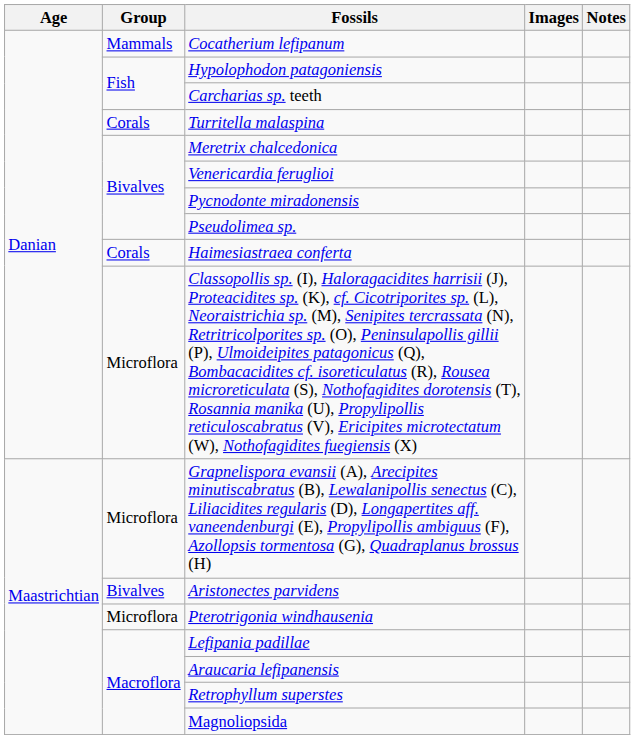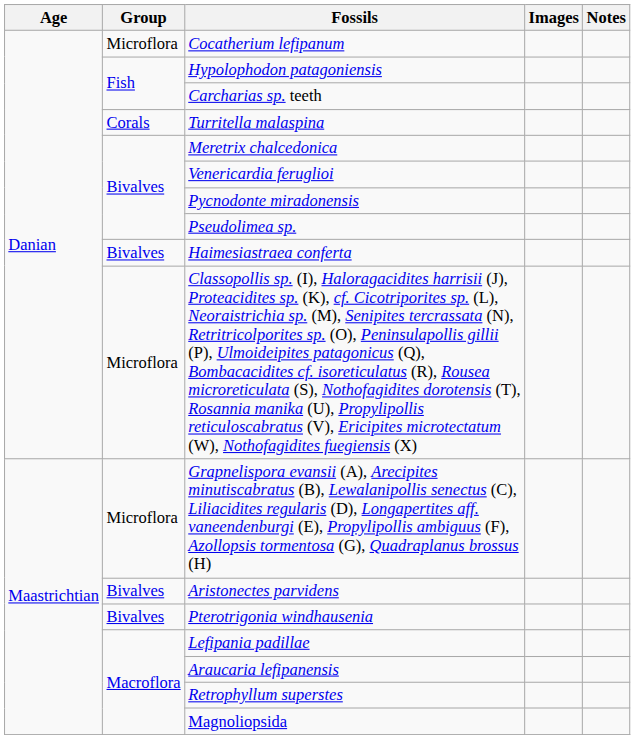 <table class="wikitable sortable">
 <tr>
 <th>Age</th>
 <th>Group</th>
 <th>Fossils</th>
 <th>Images</th>
 <th class=unsortable>Notes</th>
 </tr>
 <tr>
 <td rowspan=10 style="background-color: "><a href='#'>Danian</a></td>
-<td><a href='#'>Mammals</a></td>
+<td>Microflora</td>
 <td><em><a href='#'>Cocatherium lefipanum</a></em></td>
 <td></td>
 <td align=center></td>
 </tr>
 <tr>
 <td rowspan=2><a href='#'>Fish</a></td>
 <td><em><a href='#'>Hypolophodon patagoniensis</a></em></td>
 <td></td>
 <td align=center></td>
 </tr>
 <tr>
 <td><em><a href='#'>Carcharias sp.</a></em> teeth</td>
 <td></td>
 <td align=center></td>
 </tr>
 <tr>
 <td><a href='#'>Corals</a></td>
 <td><em><a href='#'>Turritella malaspina</a></em></td>
 <td></td>
 <td align=center></td>
 </tr>
 <tr>
 <td rowspan=4><a href='#'>Bivalves</a></td>
 <td><em><a href='#'>Meretrix chalcedonica</a></em></td>
 <td></td>
 <td align=center></td>
 </tr>
 <tr>
 <td><em><a href='#'>Venericardia feruglioi</a></em></td>
 <td></td>
 <td align=center></td>
 </tr>
 <tr>
 <td><em><a href='#'>Pycnodonte miradonensis</a></em></td>
 <td></td>
 <td align=center></td>
 </tr>
 <tr>
 <td><em><a href='#'>Pseudolimea sp.</a></em></td>
 <td></td>
 <td align=center></td>
 </tr>
 <tr>
-<td><a href='#'>Corals</a></td>
+<td><a href='#'>Bivalves</a></td>
 <td><em><a href='#'>Haimesiastraea conferta</a></em></td>
 <td></td>
 <td align=center></td>
 </tr>
 <tr>
 <td>Microflora</td>
 <td><em><a href='#'>Classopollis sp.</a></em> (I), <em><a href='#'>Haloragacidites harrisii</a></em> (J), <em><a href='#'>Proteacidites sp.</a></em> (K), <em><a href='#'>cf. Cicotriporites sp.</a></em> (L), <em><a href='#'>Neoraistrichia sp.</a></em> (M), <em><a href='#'>Senipites tercrassata</a></em> (N), <em><a href='#'>Retritricolporites sp.</a></em> (O), <em><a href='#'>Peninsulapollis gillii</a></em> (P), <em><a href='#'>Ulmoideipites patagonicus</a></em> (Q), <em><a href='#'>Bombacacidites cf. isoreticulatus</a></em> (R), <em><a href='#'>Rousea microreticulata</a></em> (S), <em><a href='#'>Nothofagidites dorotensis</a></em> (T), <em><a href='#'>Rosannia manika</a></em> (U), <em><a href='#'>Propylipollis reticuloscabratus</a></em> (V), <em><a href='#'>Ericipites microtectatum</a></em> (W), <em><a href='#'>Nothofagidites fuegiensis</a></em> (X)</td>
 <td></td>
 <td align=center></td>
 </tr>
 <tr>
 <td rowspan=7 style="background-color: "><a href='#'>Maastrichtian</a></td>
 <td>Microflora</td>
 <td><em><a href='#'>Grapnelispora evansii</a></em> (A), <em><a href='#'>Arecipites minutiscabratus</a></em> (B), <em><a href='#'>Lewalanipollis senectus</a></em> (C), <em><a href='#'>Liliacidites regularis</a></em> (D), <em><a href='#'>Longapertites aff. vaneendenburgi</a></em> (E), <em><a href='#'>Propylipollis ambiguus</a></em> (F), <em><a href='#'>Azollopsis tormentosa</a></em> (G), <em><a href='#'>Quadraplanus brossus</a></em> (H)</td>
 <td></td>
 <td align=center></td>
 </tr>
 <tr>
 <td><a href='#'>Bivalves</a></td>
 <td><em><a href='#'>Aristonectes parvidens</a></em></td>
 <td></td>
 <td align=center></td>
 </tr>
 <tr>
-<td>Microflora</td>
+<td><a href='#'>Bivalves</a></td>
 <td><em><a href='#'>Pterotrigonia windhausenia</a></em></td>
 <td></td>
 <td align=center></td>
 </tr>
 <tr>
 <td rowspan=4><a href='#'>Macroflora</a></td>
 <td><em><a href='#'>Lefipania padillae</a></em></td>
 <td></td>
 <td align=center></td>
 </tr>
 <tr>
 <td><em><a href='#'>Araucaria lefipanensis</a></em></td>
 <td></td>
 <td align=center></td>
 </tr>
 <tr>
 <td><em><a href='#'>Retrophyllum superstes</a></em></td>
 <td></td>
 <td align=center></td>
 </tr>
 <tr>
 <td><a href='#'>Magnoliopsida</a></td>
 <td></td>
 <td align=center></td>
 </tr>
 <tr>
 </tr>
 </table>
